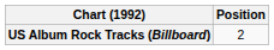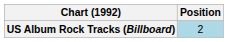 <table class="wikitable plainrowheaders" style="text-align:center">
 <tr>
 <th>Chart (1992)</th>
 <th>Position</th>
 </tr>
 <tr>
 <th scope="row">US Album Rock Tracks (<em>Billboard</em>)</th>
-<td>2</td>
+<td style="background: lightblue;">2</td>
 </tr>
 </table>
